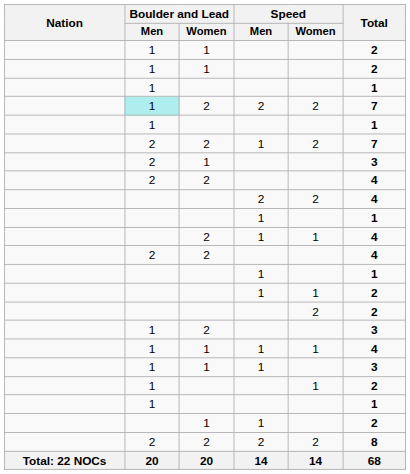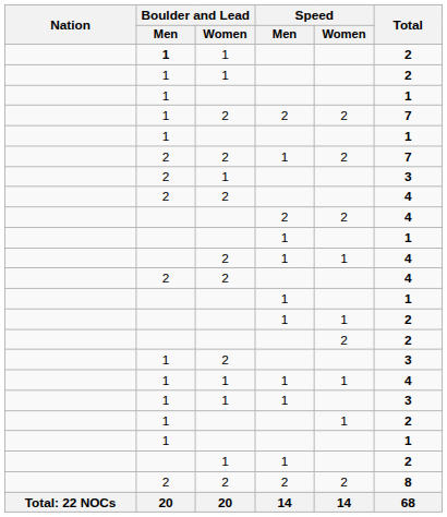 <table class="wikitable sortable"  style="text-align:center; font-size:90%;">
 <tr>
 <th rowspan="2" width=140>Nation</th>
 <th colspan=2>Boulder and Lead</th>
 <th colspan=2>Speed</th>
 <th rowspan=2 width=70>Total</th>
 </tr>
 <tr style="font-size:95%">
 <th class="unsortable" width=60>Men</th>
 <th class="unsortable" width=60>Women</th>
 <th class="unsortable" width=60>Men</th>
 <th class="unsortable" width=60>Women</th>
 </tr>
 <tr>
 <td align=left></td>
-<td>1</td>
+<td><strong>1</strong></td>
 <td>1</td>
 <td></td>
 <td></td>
 <td><strong>2</strong></td>
 </tr>
 <tr>
 <td align=left></td>
 <td>1</td>
 <td>1</td>
 <td></td>
 <td></td>
 <td><strong>2</strong></td>
 </tr>
 <tr>
 <td align=left></td>
 <td>1</td>
 <td></td>
 <td></td>
 <td></td>
 <td><strong>1</strong></td>
 </tr>
 <tr>
 <td align=left></td>
-<td style="background: paleturquoise;">1</td>
+<td>1</td>
 <td>2</td>
 <td>2</td>
 <td>2</td>
 <td><strong>7</strong></td>
 </tr>
 <tr>
 <td align=left></td>
 <td>1</td>
 <td></td>
 <td></td>
 <td></td>
 <td><strong>1</strong></td>
 </tr>
 <tr>
 <td align=left></td>
 <td>2</td>
 <td>2</td>
 <td>1</td>
 <td>2</td>
 <td><strong>7</strong></td>
 </tr>
 <tr>
 <td align=left></td>
 <td>2</td>
 <td>1</td>
 <td></td>
 <td></td>
 <td><strong>3</strong></td>
 </tr>
 <tr>
 <td align=left></td>
 <td>2</td>
 <td>2</td>
 <td></td>
 <td></td>
 <td><strong>4</strong></td>
 </tr>
 <tr>
 <td align=left></td>
 <td></td>
 <td></td>
 <td>2</td>
 <td>2</td>
 <td><strong>4</strong></td>
 </tr>
 <tr>
 <td align=left></td>
 <td></td>
 <td></td>
 <td>1</td>
 <td></td>
 <td><strong>1</strong></td>
 </tr>
 <tr>
 <td align=left></td>
 <td></td>
 <td>2</td>
 <td>1</td>
 <td>1</td>
 <td><strong>4</strong></td>
 </tr>
 <tr>
 <td align=left></td>
 <td>2</td>
 <td>2</td>
 <td></td>
 <td></td>
 <td><strong>4</strong></td>
 </tr>
 <tr>
 <td align=left></td>
 <td></td>
 <td></td>
 <td>1</td>
 <td></td>
 <td><strong>1</strong></td>
 </tr>
 <tr>
 <td align=left></td>
 <td></td>
 <td></td>
 <td>1</td>
 <td>1</td>
 <td><strong>2</strong></td>
 </tr>
 <tr>
 <td align=left></td>
 <td></td>
 <td></td>
 <td></td>
 <td>2</td>
 <td><strong>2</strong></td>
 </tr>
 <tr>
 <td align=left></td>
 <td>1</td>
 <td>2</td>
 <td></td>
 <td></td>
 <td><strong>3</strong></td>
 </tr>
 <tr>
 <td align=left></td>
 <td>1</td>
 <td>1</td>
 <td>1</td>
 <td>1</td>
 <td><strong>4</strong></td>
 </tr>
 <tr>
 <td align=left></td>
 <td>1</td>
 <td>1</td>
 <td>1</td>
 <td></td>
 <td><strong>3</strong></td>
 </tr>
 <tr>
 <td align=left></td>
 <td>1</td>
 <td></td>
 <td></td>
 <td>1</td>
 <td><strong>2</strong></td>
 </tr>
 <tr>
 <td align=left></td>
 <td>1</td>
 <td></td>
 <td></td>
 <td></td>
 <td><strong>1</strong></td>
 </tr>
 <tr>
 <td align=left></td>
 <td></td>
 <td>1</td>
 <td>1</td>
 <td></td>
 <td><strong>2</strong></td>
 </tr>
 <tr>
 <td align=left></td>
 <td>2</td>
 <td>2</td>
 <td>2</td>
 <td>2</td>
 <td><strong>8</strong></td>
 </tr>
 <tr>
 <th>Total: 22 NOCs</th>
 <th>20</th>
 <th>20</th>
 <th>14</th>
 <th>14</th>
 <th>68</th>
 </tr>
 </table>
